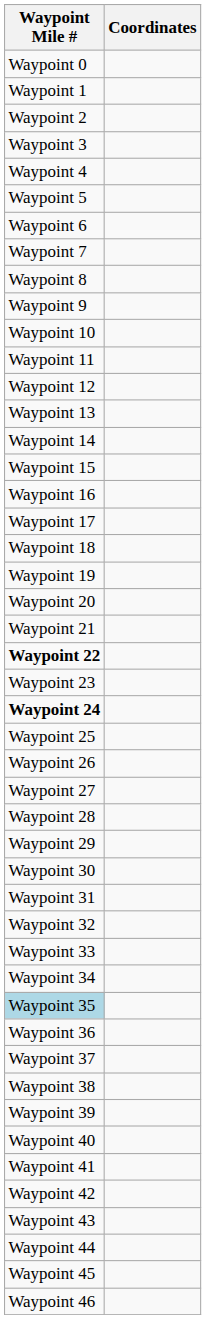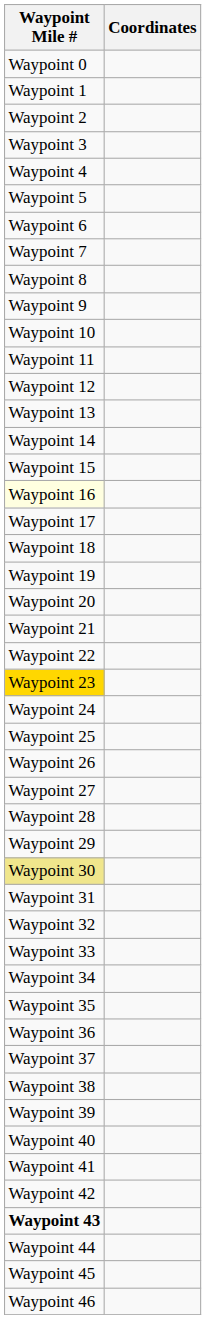 <table class="wikitable">
 <tr>
 <th>Waypoint<br>Mile #</th>
 <th>Coordinates</th>
 </tr>
 <tr>
 <td>Waypoint 0</td>
 <td></td>
 </tr>
 <tr>
 <td>Waypoint 1</td>
 <td></td>
 </tr>
 <tr>
 <td>Waypoint 2</td>
 <td></td>
 </tr>
 <tr>
 <td>Waypoint 3</td>
 <td></td>
 </tr>
 <tr>
 <td>Waypoint 4</td>
 <td></td>
 </tr>
 <tr>
 <td>Waypoint 5</td>
 <td></td>
 </tr>
 <tr>
 <td>Waypoint 6</td>
 <td></td>
 </tr>
 <tr>
 <td>Waypoint 7</td>
 <td></td>
 </tr>
 <tr>
 <td>Waypoint 8</td>
 <td></td>
 </tr>
 <tr>
 <td>Waypoint 9</td>
 <td></td>
 </tr>
 <tr>
 <td>Waypoint 10</td>
 <td></td>
 </tr>
 <tr>
 <td>Waypoint 11</td>
 <td></td>
 </tr>
 <tr>
 <td>Waypoint 12</td>
 <td></td>
 </tr>
 <tr>
 <td>Waypoint 13</td>
 <td></td>
 </tr>
 <tr>
 <td>Waypoint 14</td>
 <td></td>
 </tr>
 <tr>
 <td>Waypoint 15</td>
 <td></td>
 </tr>
 <tr>
-<td>Waypoint 16</td>
+<td style="background: lightyellow;">Waypoint 16</td>
 <td></td>
 </tr>
 <tr>
 <td>Waypoint 17</td>
 <td></td>
 </tr>
 <tr>
 <td>Waypoint 18</td>
 <td></td>
 </tr>
 <tr>
 <td>Waypoint 19</td>
 <td></td>
 </tr>
 <tr>
 <td>Waypoint 20</td>
 <td></td>
 </tr>
 <tr>
 <td>Waypoint 21</td>
 <td></td>
 </tr>
 <tr>
-<td><strong>Waypoint 22</strong></td>
+<td>Waypoint 22</td>
 <td></td>
 </tr>
 <tr>
-<td>Waypoint 23</td>
+<td style="background: gold;">Waypoint 23</td>
 <td></td>
 </tr>
 <tr>
-<td><strong>Waypoint 24</strong></td>
+<td>Waypoint 24</td>
 <td></td>
 </tr>
 <tr>
 <td>Waypoint 25</td>
 <td></td>
 </tr>
 <tr>
 <td>Waypoint 26</td>
 <td></td>
 </tr>
 <tr>
 <td>Waypoint 27</td>
 <td></td>
 </tr>
 <tr>
 <td>Waypoint 28</td>
 <td></td>
 </tr>
 <tr>
 <td>Waypoint 29</td>
 <td></td>
 </tr>
 <tr>
-<td>Waypoint 30</td>
+<td style="background: khaki;">Waypoint 30</td>
 <td></td>
 </tr>
 <tr>
 <td>Waypoint 31</td>
 <td></td>
 </tr>
 <tr>
 <td>Waypoint 32</td>
 <td></td>
 </tr>
 <tr>
 <td>Waypoint 33</td>
 <td></td>
 </tr>
 <tr>
 <td>Waypoint 34</td>
 <td></td>
 </tr>
 <tr>
-<td style="background: lightblue;">Waypoint 35</td>
+<td>Waypoint 35</td>
 <td></td>
 </tr>
 <tr>
 <td>Waypoint 36</td>
 <td></td>
 </tr>
 <tr>
 <td>Waypoint 37</td>
 <td></td>
 </tr>
 <tr>
 <td>Waypoint 38</td>
 <td></td>
 </tr>
 <tr>
 <td>Waypoint 39</td>
 <td></td>
 </tr>
 <tr>
 <td>Waypoint 40</td>
 <td></td>
 </tr>
 <tr>
 <td>Waypoint 41</td>
 <td></td>
 </tr>
 <tr>
 <td>Waypoint 42</td>
 <td></td>
 </tr>
 <tr>
-<td>Waypoint 43</td>
+<td><strong>Waypoint 43</strong></td>
 <td></td>
 </tr>
 <tr>
 <td>Waypoint 44</td>
 <td></td>
 </tr>
 <tr>
 <td>Waypoint 45</td>
 <td></td>
 </tr>
 <tr>
 <td>Waypoint 46</td>
 <td></td>
 </tr>
 </table>
